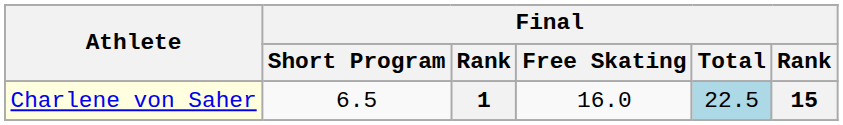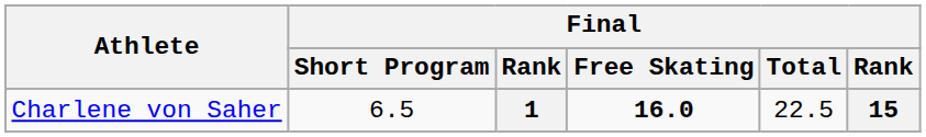 <table class="wikitable" style="font-size:90%">
 <tr>
 <th rowspan="2">Athlete</th>
 <th colspan="9">Final</th>
 </tr>
 <tr>
 <th>Short Program</th>
 <th>Rank</th>
 <th>Free Skating</th>
 <th>Total</th>
 <th>Rank</th>
 </tr>
 <tr>
-<td style="background: lightyellow;"><a href='#'>Charlene von Saher</a></td>
+<td><a href='#'>Charlene von Saher</a></td>
 <td align="center">6.5</td>
 <th align="center">1</th>
-<td align="center">16.0</td>
-<td align="center" style="background: lightblue;">22.5</td>
+<td align="center"><strong>16.0</strong></td>
+<td align="center">22.5</td>
 <th align="center">15</th>
 </tr>
 </table>
